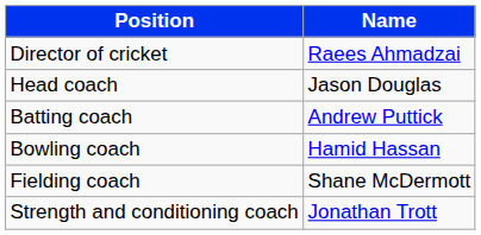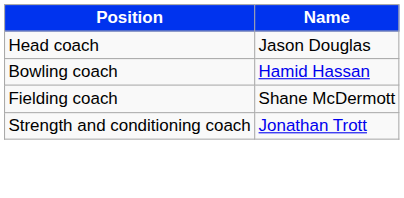 <table class="wikitable">
 <tr>
 <th style="background:#0033EE; color:white; text-align:center;">Position</th>
 <th style="background:#0033EE; color:white; text-align:center;">Name</th>
 </tr>
 <tr>
-<td>Director of cricket</td>
-<td><a href='#'>Raees Ahmadzai</a></td>
-</tr>
-<tr>
 <td>Head coach</td>
 <td>Jason Douglas</td>
-</tr>
-<tr>
-<td>Batting coach</td>
-<td><a href='#'>Andrew Puttick</a></td>
 </tr>
 <tr>
 <td>Bowling coach</td>
 <td><a href='#'>Hamid Hassan</a></td>
 </tr>
 <tr>
 <td>Fielding coach</td>
 <td>Shane McDermott</td>
 </tr>
 <tr>
 <td>Strength and conditioning coach</td>
 <td><a href='#'>Jonathan Trott</a></td>
 </tr>
 </table>
